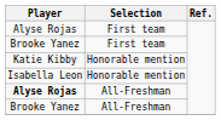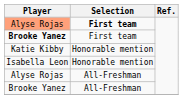 <table class="wikitable sortable sortable" style="text-align: center">
 <tr align=center>
 <th>Player</th>
 <th>Selection</th>
 <th>Ref.</th>
 </tr>
 <tr>
-<td>Alyse Rojas</td>
-<td>First team</td>
+<td style="background: lightsalmon;">Alyse Rojas</td>
+<td><strong>First team</strong></td>
 <td rowspan="6"></td>
 </tr>
 <tr>
-<td>Brooke Yanez</td>
+<td><strong>Brooke Yanez</strong></td>
 <td>First team</td>
 </tr>
 <tr>
 <td>Katie Kibby</td>
 <td>Honorable mention</td>
 </tr>
 <tr>
 <td>Isabella Leon</td>
 <td>Honorable mention</td>
 </tr>
 <tr>
-<td><strong>Alyse Rojas</strong></td>
+<td>Alyse Rojas</td>
 <td>All-Freshman</td>
 </tr>
 <tr>
 <td>Brooke Yanez</td>
 <td>All-Freshman</td>
 </tr>
 <tr>
 </tr>
 </table>
